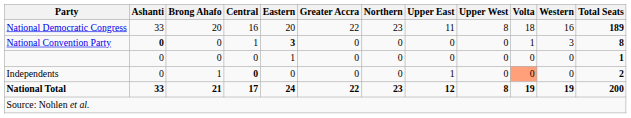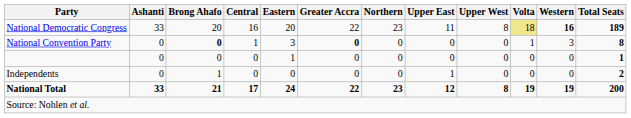 <table class="wikitable">
 <tr>
 <th>Party</th>
 <th>Ashanti</th>
 <th>Brong Ahafo</th>
 <th>Central</th>
 <th>Eastern</th>
 <th>Greater Accra</th>
 <th>Northern</th>
 <th>Upper East</th>
 <th>Upper West</th>
 <th>Volta</th>
 <th>Western</th>
 <th>Total Seats</th>
 </tr>
 <tr>
 <td><a href='#'>National Democratic Congress</a></td>
 <td align=right>33</td>
 <td align=right>20</td>
 <td align=right>16</td>
 <td align=right>20</td>
 <td align=right>22</td>
 <td align=right>23</td>
 <td align=right>11</td>
 <td align=right>8</td>
-<td align=right>18</td>
-<td align=right>16</td>
+<td align=right style="background: khaki;">18</td>
+<td align=right><strong>16</strong></td>
 <td align=right><strong>189</strong></td>
 </tr>
 <tr>
 <td><a href='#'>National Convention Party</a></td>
+<td align=right>0</td>
 <td align=right><strong>0</strong></td>
-<td align=right>0</td>
 <td align=right>1</td>
-<td align=right><strong>3</strong></td>
-<td align=right>0</td>
+<td align=right>3</td>
+<td align=right><strong>0</strong></td>
 <td align=right>0</td>
 <td align=right>0</td>
 <td align=right>0</td>
 <td align=right>1</td>
 <td align=right>3</td>
 <td align=right><strong>8</strong></td>
 </tr>
 <tr>
 <td></td>
 <td align=right>0</td>
 <td align=right>0</td>
 <td align=right>0</td>
 <td align=right>1</td>
 <td align=right>0</td>
 <td align=right>0</td>
 <td align=right>0</td>
 <td align=right>0</td>
 <td align=right>0</td>
 <td align=right>0</td>
 <td align=right><strong>1</strong></td>
 </tr>
 <tr>
 <td>Independents</td>
 <td align=right>0</td>
 <td align=right>1</td>
-<td align=right><strong>0</strong></td>
+<td align=right>0</td>
 <td align=right>0</td>
 <td align=right>0</td>
 <td align=right>0</td>
 <td align=right>1</td>
 <td align=right>0</td>
-<td align=right style="background: lightsalmon;">0</td>
+<td align=right>0</td>
 <td align=right>0</td>
 <td align=right><strong>2</strong></td>
 </tr>
 <tr>
 <td><strong>National Total</strong></td>
 <td align=right><strong>33</strong></td>
 <td align=right><strong>21</strong></td>
 <td align=right><strong>17</strong></td>
 <td align=right><strong>24</strong></td>
 <td align=right><strong>22</strong></td>
 <td align=right><strong>23</strong></td>
 <td align=right><strong>12</strong></td>
 <td align=right><strong>8</strong></td>
 <td align=right><strong>19</strong></td>
 <td align=right><strong>19</strong></td>
 <td align=right><strong>200</strong></td>
 </tr>
 <tr>
 <td colspan=12 align=left>Source: Nohlen <em>et al.</em></td>
 </tr>
 </table>
